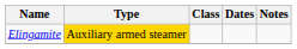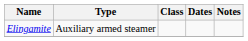 <table class="wikitable">
 <tr>
 <th>Name</th>
 <th>Type</th>
 <th>Class</th>
 <th>Dates</th>
 <th>Notes</th>
 </tr>
 <tr>
 <td><em><a href='#'>Elingamite</a></em></td>
-<td style="background: gold;">Auxiliary armed steamer</td>
+<td>Auxiliary armed steamer</td>
 <td> </td>
 <td> </td>
 <td> </td>
 </tr>
 <tr>
 </tr>
 </table>
